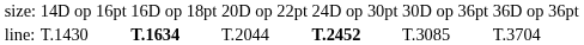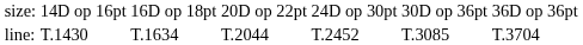 <table style="margin-left:40px;">
 <tr>
 <td>size:</td>
 <td>14D op 16pt</td>
 <td>16D op 18pt</td>
 <td>20D op 22pt</td>
 <td>24D op 30pt</td>
 <td>30D op 36pt</td>
 <td>36D op 36pt</td>
 </tr>
 <tr>
 <td>line:</td>
 <td>T.1430</td>
-<td><strong>T.1634</strong></td>
+<td>T.1634</td>
 <td>T.2044</td>
-<td><strong>T.2452</strong></td>
+<td>T.2452</td>
 <td>T.3085</td>
 <td>T.3704</td>
 </tr>
 </table>
